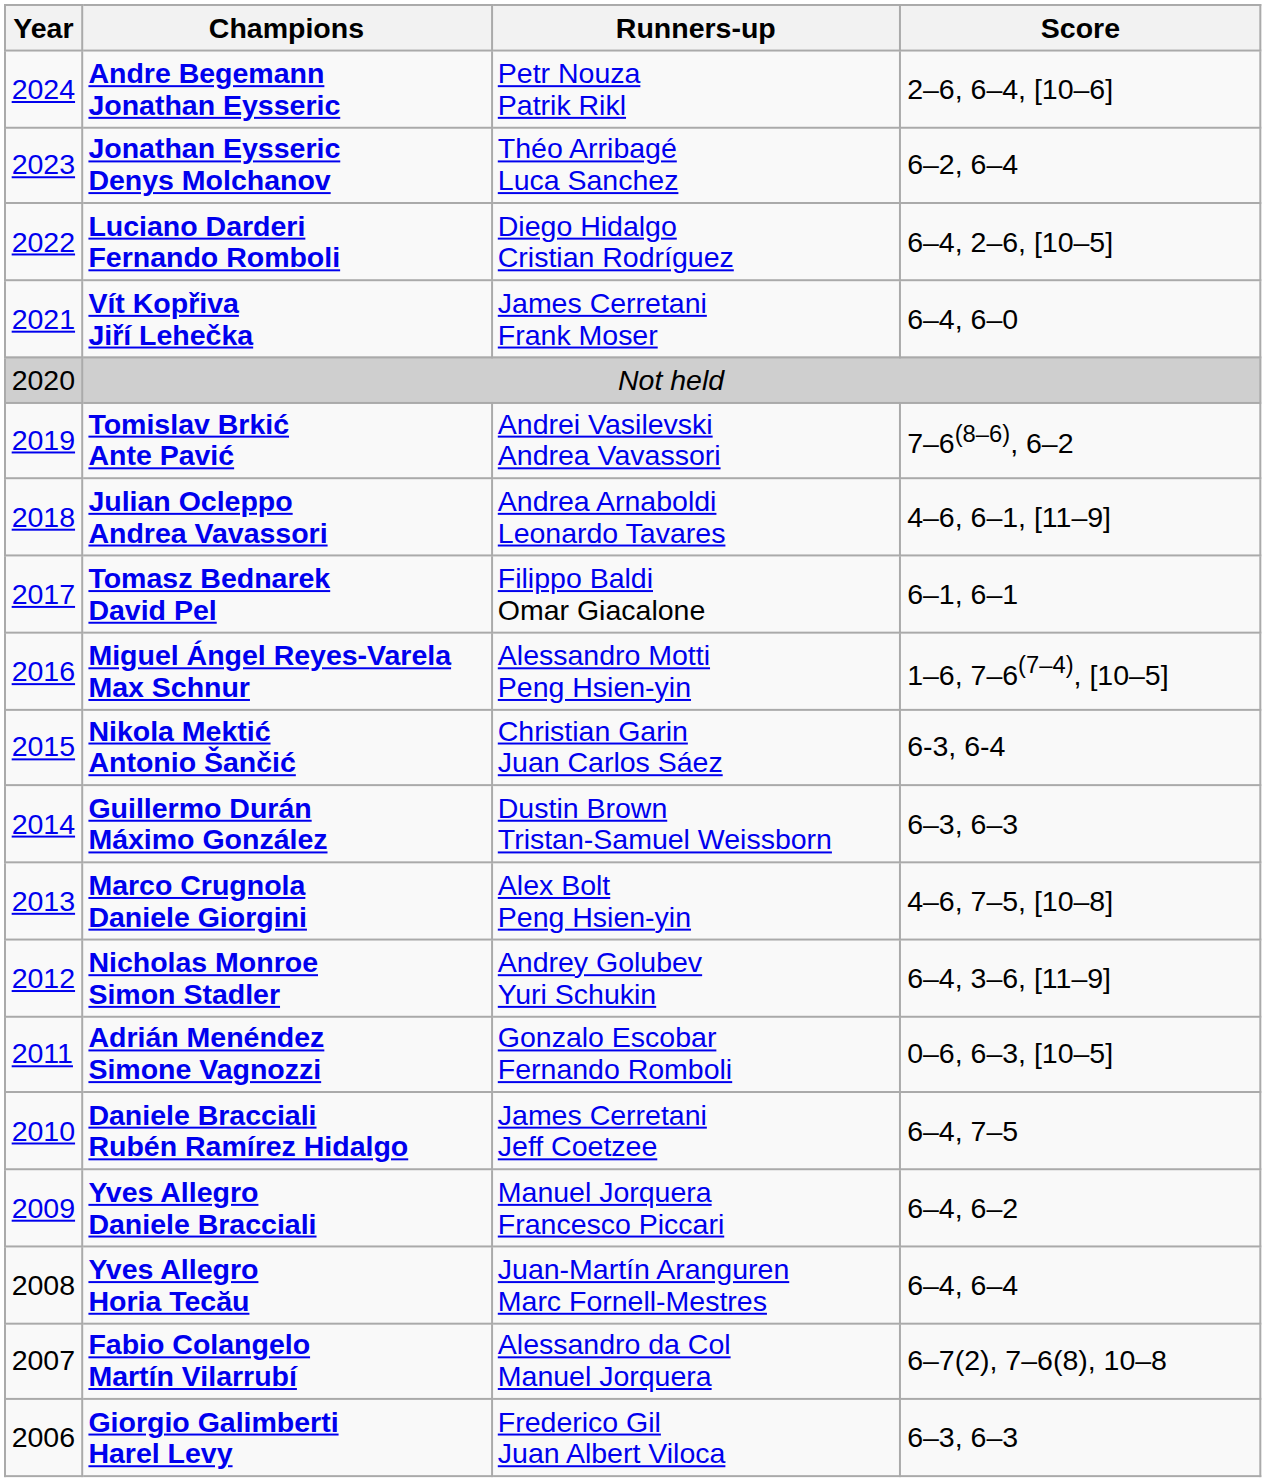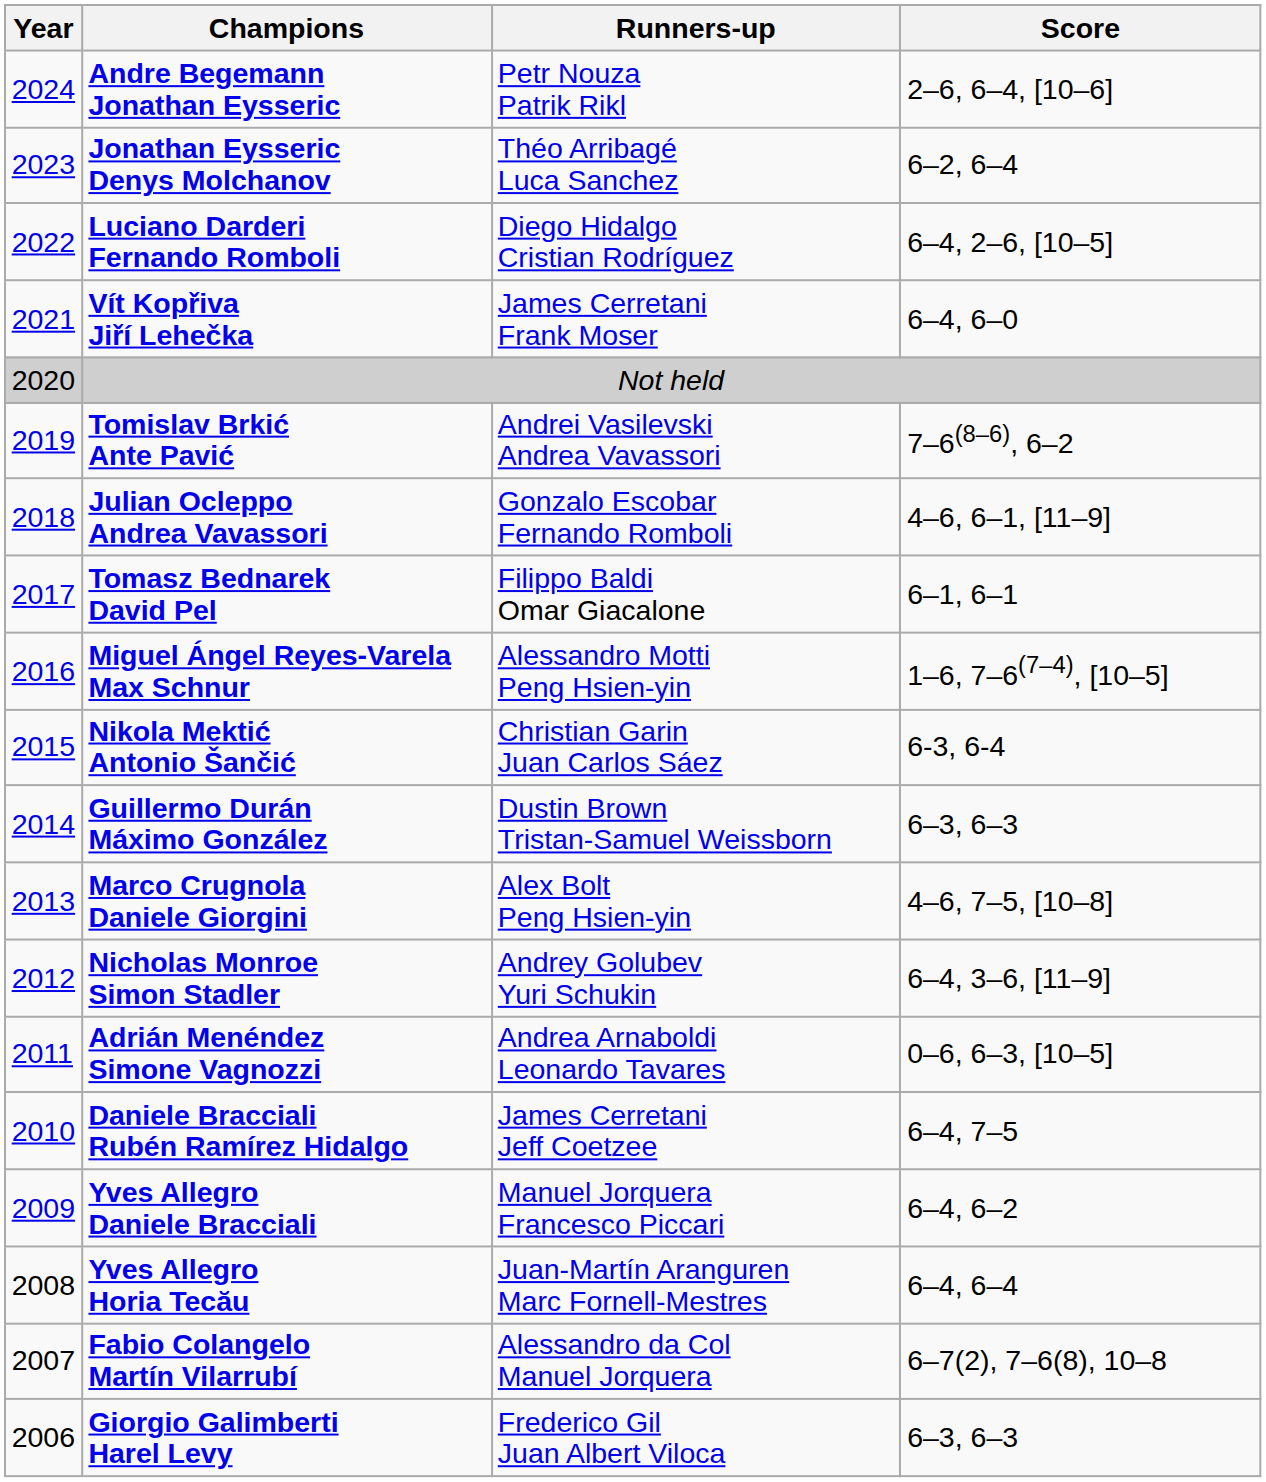 <table class="wikitable" style="font-size:90%">
 <tr>
 <th>Year</th>
 <th width="200">Champions</th>
 <th width="200">Runners-up</th>
 <th width="175">Score</th>
 </tr>
 <tr>
 <td><a href='#'>2024</a></td>
 <td> <strong><a href='#'>Andre Begemann</a></strong><br> <strong><a href='#'>Jonathan Eysseric</a></strong></td>
 <td> <a href='#'>Petr Nouza</a><br> <a href='#'>Patrik Rikl</a></td>
 <td>2–6, 6–4, [10–6]</td>
 </tr>
 <tr>
 <td><a href='#'>2023</a></td>
 <td> <strong><a href='#'>Jonathan Eysseric</a></strong><br> <strong><a href='#'>Denys Molchanov</a></strong></td>
 <td> <a href='#'>Théo Arribagé</a><br> <a href='#'>Luca Sanchez</a></td>
 <td>6–2, 6–4</td>
 </tr>
 <tr>
 <td><a href='#'>2022</a></td>
 <td> <strong><a href='#'>Luciano Darderi</a></strong><br> <strong><a href='#'>Fernando Romboli</a></strong></td>
 <td> <a href='#'>Diego Hidalgo</a><br> <a href='#'>Cristian Rodríguez</a></td>
 <td>6–4, 2–6, [10–5]</td>
 </tr>
 <tr>
 <td><a href='#'>2021</a></td>
 <td> <strong><a href='#'>Vít Kopřiva</a></strong><br> <strong><a href='#'>Jiří Lehečka</a></strong></td>
 <td> <a href='#'>James Cerretani</a><br> <a href='#'>Frank Moser</a></td>
 <td>6–4, 6–0</td>
 </tr>
 <tr>
 <td style="background:#cfcfcf">2020</td>
 <td colspan=3 align=center style="background:#cfcfcf"><em>Not held</em></td>
 </tr>
 <tr>
 <td><a href='#'>2019</a></td>
 <td> <strong><a href='#'>Tomislav Brkić</a></strong><br> <strong><a href='#'>Ante Pavić</a></strong></td>
 <td> <a href='#'>Andrei Vasilevski</a><br> <a href='#'>Andrea Vavassori</a></td>
 <td>7–6<sup>(8–6)</sup>, 6–2</td>
 </tr>
 <tr>
 <td><a href='#'>2018</a></td>
 <td> <strong><a href='#'>Julian Ocleppo</a></strong><br> <strong><a href='#'>Andrea Vavassori</a></strong></td>
-<td> <a href='#'>Andrea Arnaboldi</a><br> <a href='#'>Leonardo Tavares</a></td>
+<td> <a href='#'>Gonzalo Escobar</a><br> <a href='#'>Fernando Romboli</a></td>
 <td>4–6, 6–1, [11–9]</td>
 </tr>
 <tr>
 <td><a href='#'>2017</a></td>
 <td> <strong><a href='#'>Tomasz Bednarek</a></strong><br> <strong><a href='#'>David Pel</a></strong></td>
 <td> <a href='#'>Filippo Baldi</a><br> Omar Giacalone</td>
 <td>6–1, 6–1</td>
 </tr>
 <tr>
 <td><a href='#'>2016</a></td>
 <td> <strong><a href='#'>Miguel Ángel Reyes-Varela</a></strong><br> <strong><a href='#'>Max Schnur</a></strong></td>
 <td> <a href='#'>Alessandro Motti</a><br> <a href='#'>Peng Hsien-yin</a></td>
 <td>1–6, 7–6<sup>(7–4)</sup>, [10–5]</td>
 </tr>
 <tr>
 <td><a href='#'>2015</a></td>
 <td> <strong><a href='#'>Nikola Mektić</a></strong><br> <strong><a href='#'>Antonio Šančić</a></strong></td>
 <td> <a href='#'>Christian Garin</a><br> <a href='#'>Juan Carlos Sáez</a></td>
 <td>6-3, 6-4</td>
 </tr>
 <tr>
 <td><a href='#'>2014</a></td>
 <td> <strong><a href='#'>Guillermo Durán</a></strong><br> <strong><a href='#'>Máximo González</a></strong></td>
 <td> <a href='#'>Dustin Brown</a><br> <a href='#'>Tristan-Samuel Weissborn</a></td>
 <td>6–3, 6–3</td>
 </tr>
 <tr>
 <td><a href='#'>2013</a></td>
 <td> <strong><a href='#'>Marco Crugnola</a></strong><br> <strong><a href='#'>Daniele Giorgini</a></strong></td>
 <td> <a href='#'>Alex Bolt</a><br> <a href='#'>Peng Hsien-yin</a></td>
 <td>4–6, 7–5, [10–8]</td>
 </tr>
 <tr>
 <td><a href='#'>2012</a></td>
 <td> <strong><a href='#'>Nicholas Monroe</a></strong><br> <strong><a href='#'>Simon Stadler</a></strong></td>
 <td> <a href='#'>Andrey Golubev</a><br> <a href='#'>Yuri Schukin</a></td>
 <td>6–4, 3–6, [11–9]</td>
 </tr>
 <tr>
 <td><a href='#'>2011</a></td>
 <td> <strong><a href='#'>Adrián Menéndez</a></strong><br> <strong><a href='#'>Simone Vagnozzi</a></strong></td>
-<td> <a href='#'>Gonzalo Escobar</a><br> <a href='#'>Fernando Romboli</a></td>
+<td> <a href='#'>Andrea Arnaboldi</a><br> <a href='#'>Leonardo Tavares</a></td>
 <td>0–6, 6–3, [10–5]</td>
 </tr>
 <tr>
 <td><a href='#'>2010</a></td>
 <td> <strong><a href='#'>Daniele Bracciali</a></strong><br> <strong><a href='#'>Rubén Ramírez Hidalgo</a></strong></td>
 <td> <a href='#'>James Cerretani</a><br> <a href='#'>Jeff Coetzee</a></td>
 <td>6–4, 7–5</td>
 </tr>
 <tr>
 <td><a href='#'>2009</a></td>
 <td> <strong><a href='#'>Yves Allegro</a></strong><br> <strong><a href='#'>Daniele Bracciali</a></strong></td>
 <td> <a href='#'>Manuel Jorquera</a><br> <a href='#'>Francesco Piccari</a></td>
 <td>6–4, 6–2</td>
 </tr>
 <tr>
 <td>2008</td>
 <td> <strong><a href='#'>Yves Allegro</a></strong> <br>  <strong><a href='#'>Horia Tecău</a></strong></td>
 <td> <a href='#'>Juan-Martín Aranguren</a> <br>  <a href='#'>Marc Fornell-Mestres</a></td>
 <td>6–4, 6–4</td>
 </tr>
 <tr>
 <td>2007</td>
 <td> <strong><a href='#'>Fabio Colangelo</a></strong> <br>  <strong><a href='#'>Martín Vilarrubí</a></strong></td>
 <td> <a href='#'>Alessandro da Col</a> <br>  <a href='#'>Manuel Jorquera</a></td>
 <td>6–7(2), 7–6(8), 10–8</td>
 </tr>
 <tr>
 <td>2006</td>
 <td> <strong><a href='#'>Giorgio Galimberti</a></strong> <br>  <strong><a href='#'>Harel Levy</a></strong></td>
 <td> <a href='#'>Frederico Gil</a> <br>  <a href='#'>Juan Albert Viloca</a></td>
 <td>6–3, 6–3</td>
 </tr>
 </table>
